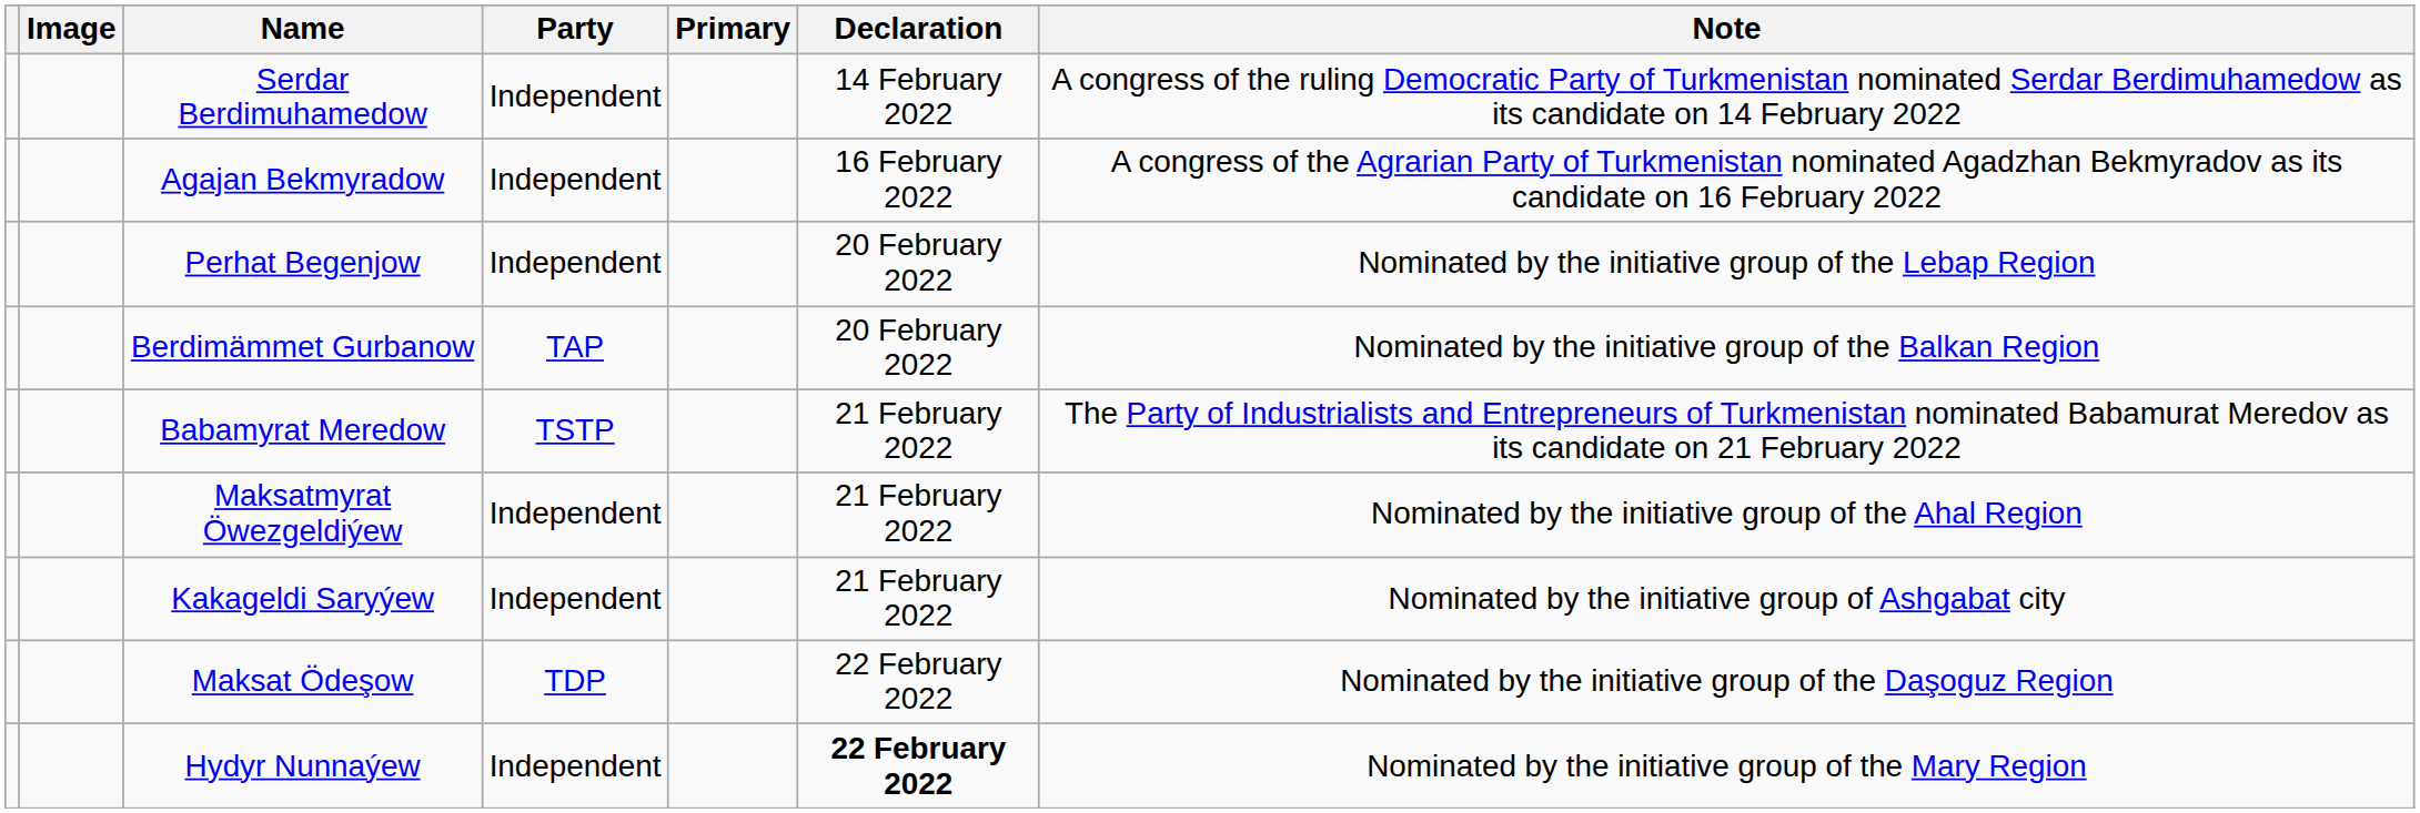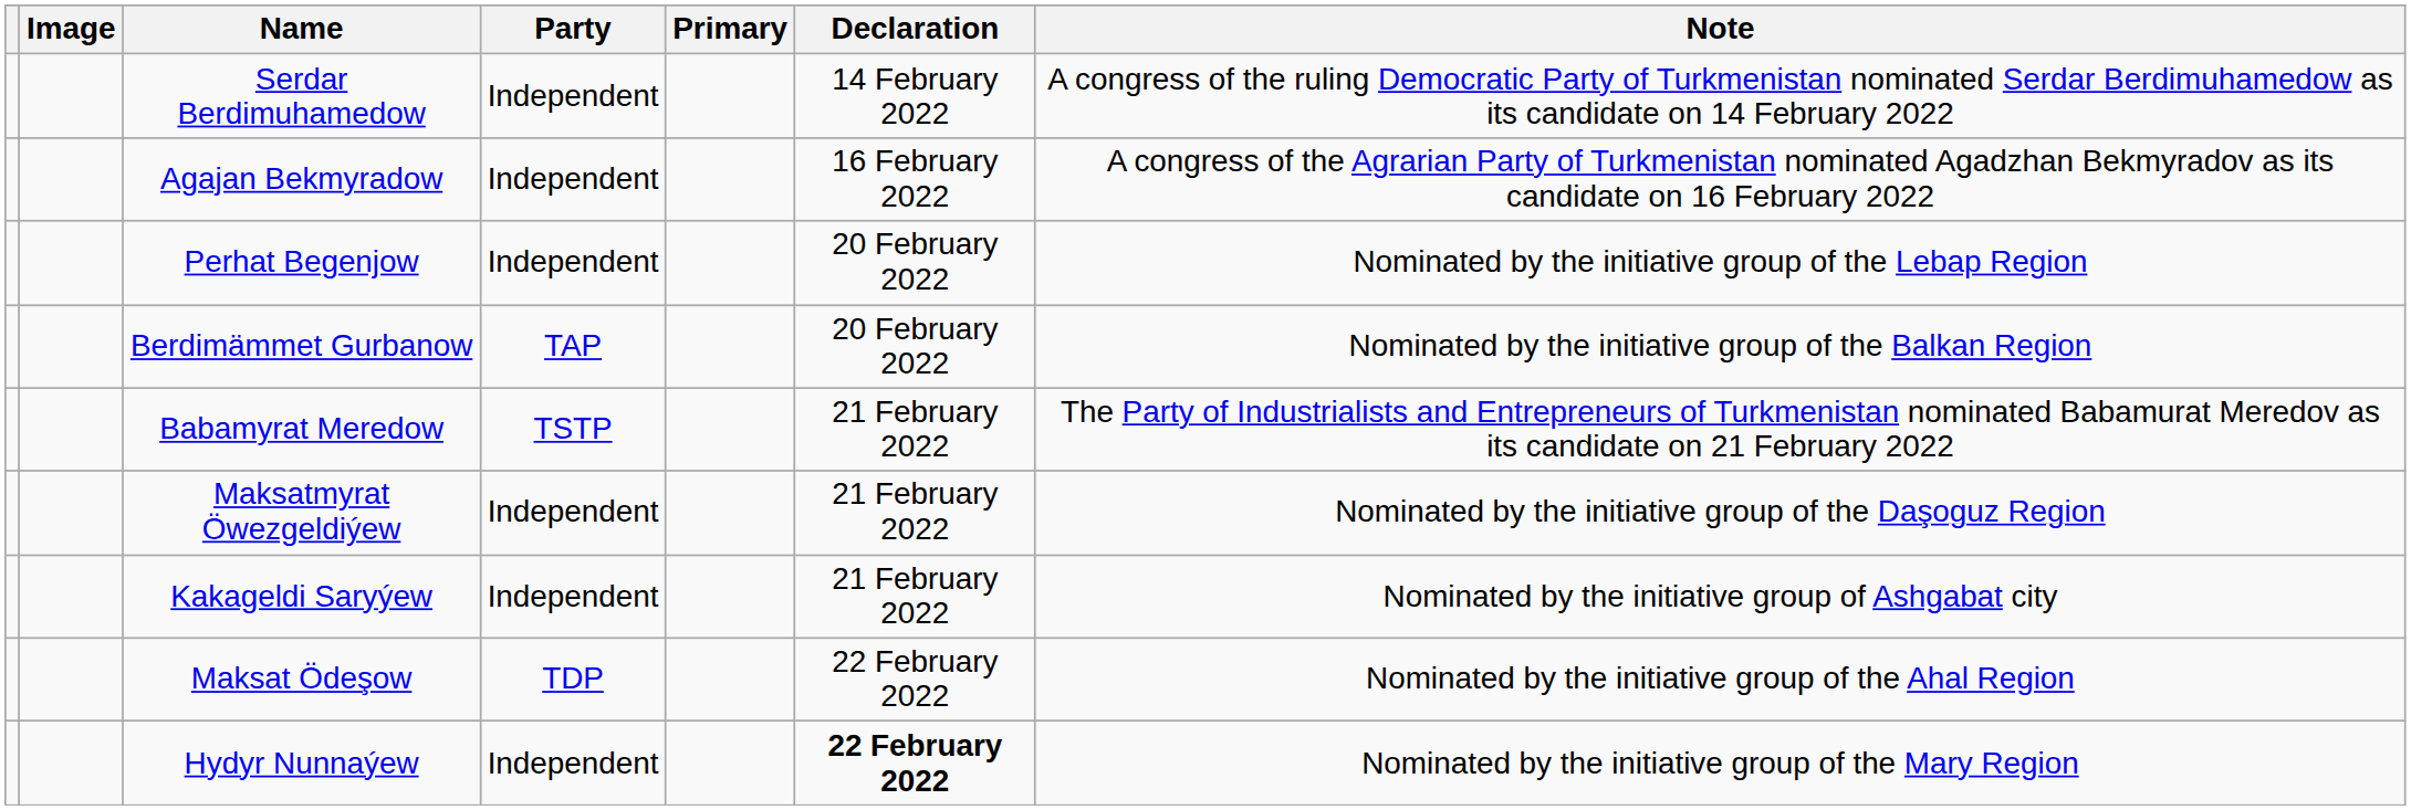 <table class="wikitable" style="text-align:center">
 <tr>
 <th></th>
 <th>Image</th>
 <th>Name</th>
 <th>Party</th>
 <th>Primary</th>
 <th>Declaration</th>
 <th>Note</th>
 </tr>
 <tr>
 <td style="background:"></td>
 <td></td>
 <td><a href='#'>Serdar Berdimuhamedow</a></td>
 <td>Independent</td>
 <td></td>
 <td>14 February 2022</td>
 <td>A congress of the ruling <a href='#'>Democratic Party of Turkmenistan</a> nominated <a href='#'>Serdar Berdimuhamedow</a> as its candidate on 14 February 2022</td>
 </tr>
 <tr>
 <td style="background:"></td>
 <td></td>
 <td><a href='#'>Agajan Bekmyradow</a></td>
 <td>Independent</td>
 <td></td>
 <td>16 February 2022</td>
 <td>A congress of the <a href='#'>Agrarian Party of Turkmenistan</a> nominated Agadzhan Bekmyradov as its candidate on 16 February 2022</td>
 </tr>
 <tr>
 <td style="background:"></td>
 <td></td>
 <td><a href='#'>Perhat Begenjow</a></td>
 <td>Independent</td>
 <td></td>
 <td>20 February 2022</td>
 <td>Nominated by the initiative group of the <a href='#'>Lebap Region</a></td>
 </tr>
 <tr>
 <td style="background:"></td>
 <td></td>
 <td><a href='#'>Berdimämmet Gurbanow</a></td>
 <td><a href='#'>TAP</a></td>
 <td></td>
 <td>20 February 2022</td>
 <td>Nominated by the initiative group of the <a href='#'>Balkan Region</a></td>
 </tr>
 <tr>
 <td style="background:"></td>
 <td></td>
 <td><a href='#'>Babamyrat Meredow</a></td>
 <td><a href='#'>TSTP</a></td>
 <td></td>
 <td>21 February 2022</td>
 <td>The <a href='#'>Party of Industrialists and Entrepreneurs of Turkmenistan</a> nominated Babamurat Meredov as its candidate on 21 February 2022</td>
 </tr>
 <tr>
 <td style="background:"></td>
 <td></td>
 <td><a href='#'>Maksatmyrat Öwezgeldiýew</a></td>
 <td>Independent</td>
 <td></td>
 <td>21 February 2022</td>
-<td>Nominated by the initiative group of the <a href='#'>Ahal Region</a></td>
+<td>Nominated by the initiative group of the <a href='#'>Daşoguz Region</a></td>
 </tr>
 <tr>
 <td style="background:"></td>
 <td></td>
 <td><a href='#'>Kakageldi Saryýew</a></td>
 <td>Independent</td>
 <td></td>
 <td>21 February 2022</td>
 <td>Nominated by the initiative group of <a href='#'>Ashgabat</a> city</td>
 </tr>
 <tr>
 <td style="background:"></td>
 <td></td>
 <td><a href='#'>Maksat Ödeşow</a></td>
 <td><a href='#'>TDP</a></td>
 <td></td>
 <td>22 February 2022</td>
-<td>Nominated by the initiative group of the <a href='#'>Daşoguz Region</a></td>
+<td>Nominated by the initiative group of the <a href='#'>Ahal Region</a></td>
 </tr>
 <tr>
 <td style="background:"></td>
 <td></td>
 <td><a href='#'>Hydyr Nunnaýew</a></td>
 <td>Independent</td>
 <td></td>
 <td><strong>22 February 2022</strong></td>
 <td>Nominated by the initiative group of the <a href='#'>Mary Region</a></td>
 </tr>
 </table>
